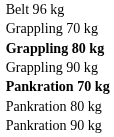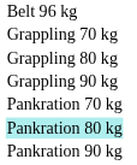 <table>
 <tr>
 <td>Belt 96 kg</td>
 <td></td>
 <td></td>
 <td></td>
 </tr>
 <tr>
 <td>Grappling 70 kg</td>
 <td></td>
 <td></td>
 <td></td>
 </tr>
 <tr>
-<td><strong>Grappling 80 kg</strong></td>
+<td>Grappling 80 kg</td>
 <td></td>
 <td></td>
 <td></td>
 </tr>
 <tr>
 <td>Grappling 90 kg</td>
 <td></td>
 <td></td>
 <td></td>
 </tr>
 <tr>
-<td><strong>Pankration 70 kg</strong></td>
+<td>Pankration 70 kg</td>
 <td></td>
 <td></td>
 <td></td>
 </tr>
 <tr>
-<td>Pankration 80 kg</td>
+<td style="background: paleturquoise;">Pankration 80 kg</td>
 <td></td>
 <td></td>
 <td></td>
 </tr>
 <tr>
 <td>Pankration 90 kg</td>
 <td></td>
 <td></td>
 <td></td>
 </tr>
 </table>
